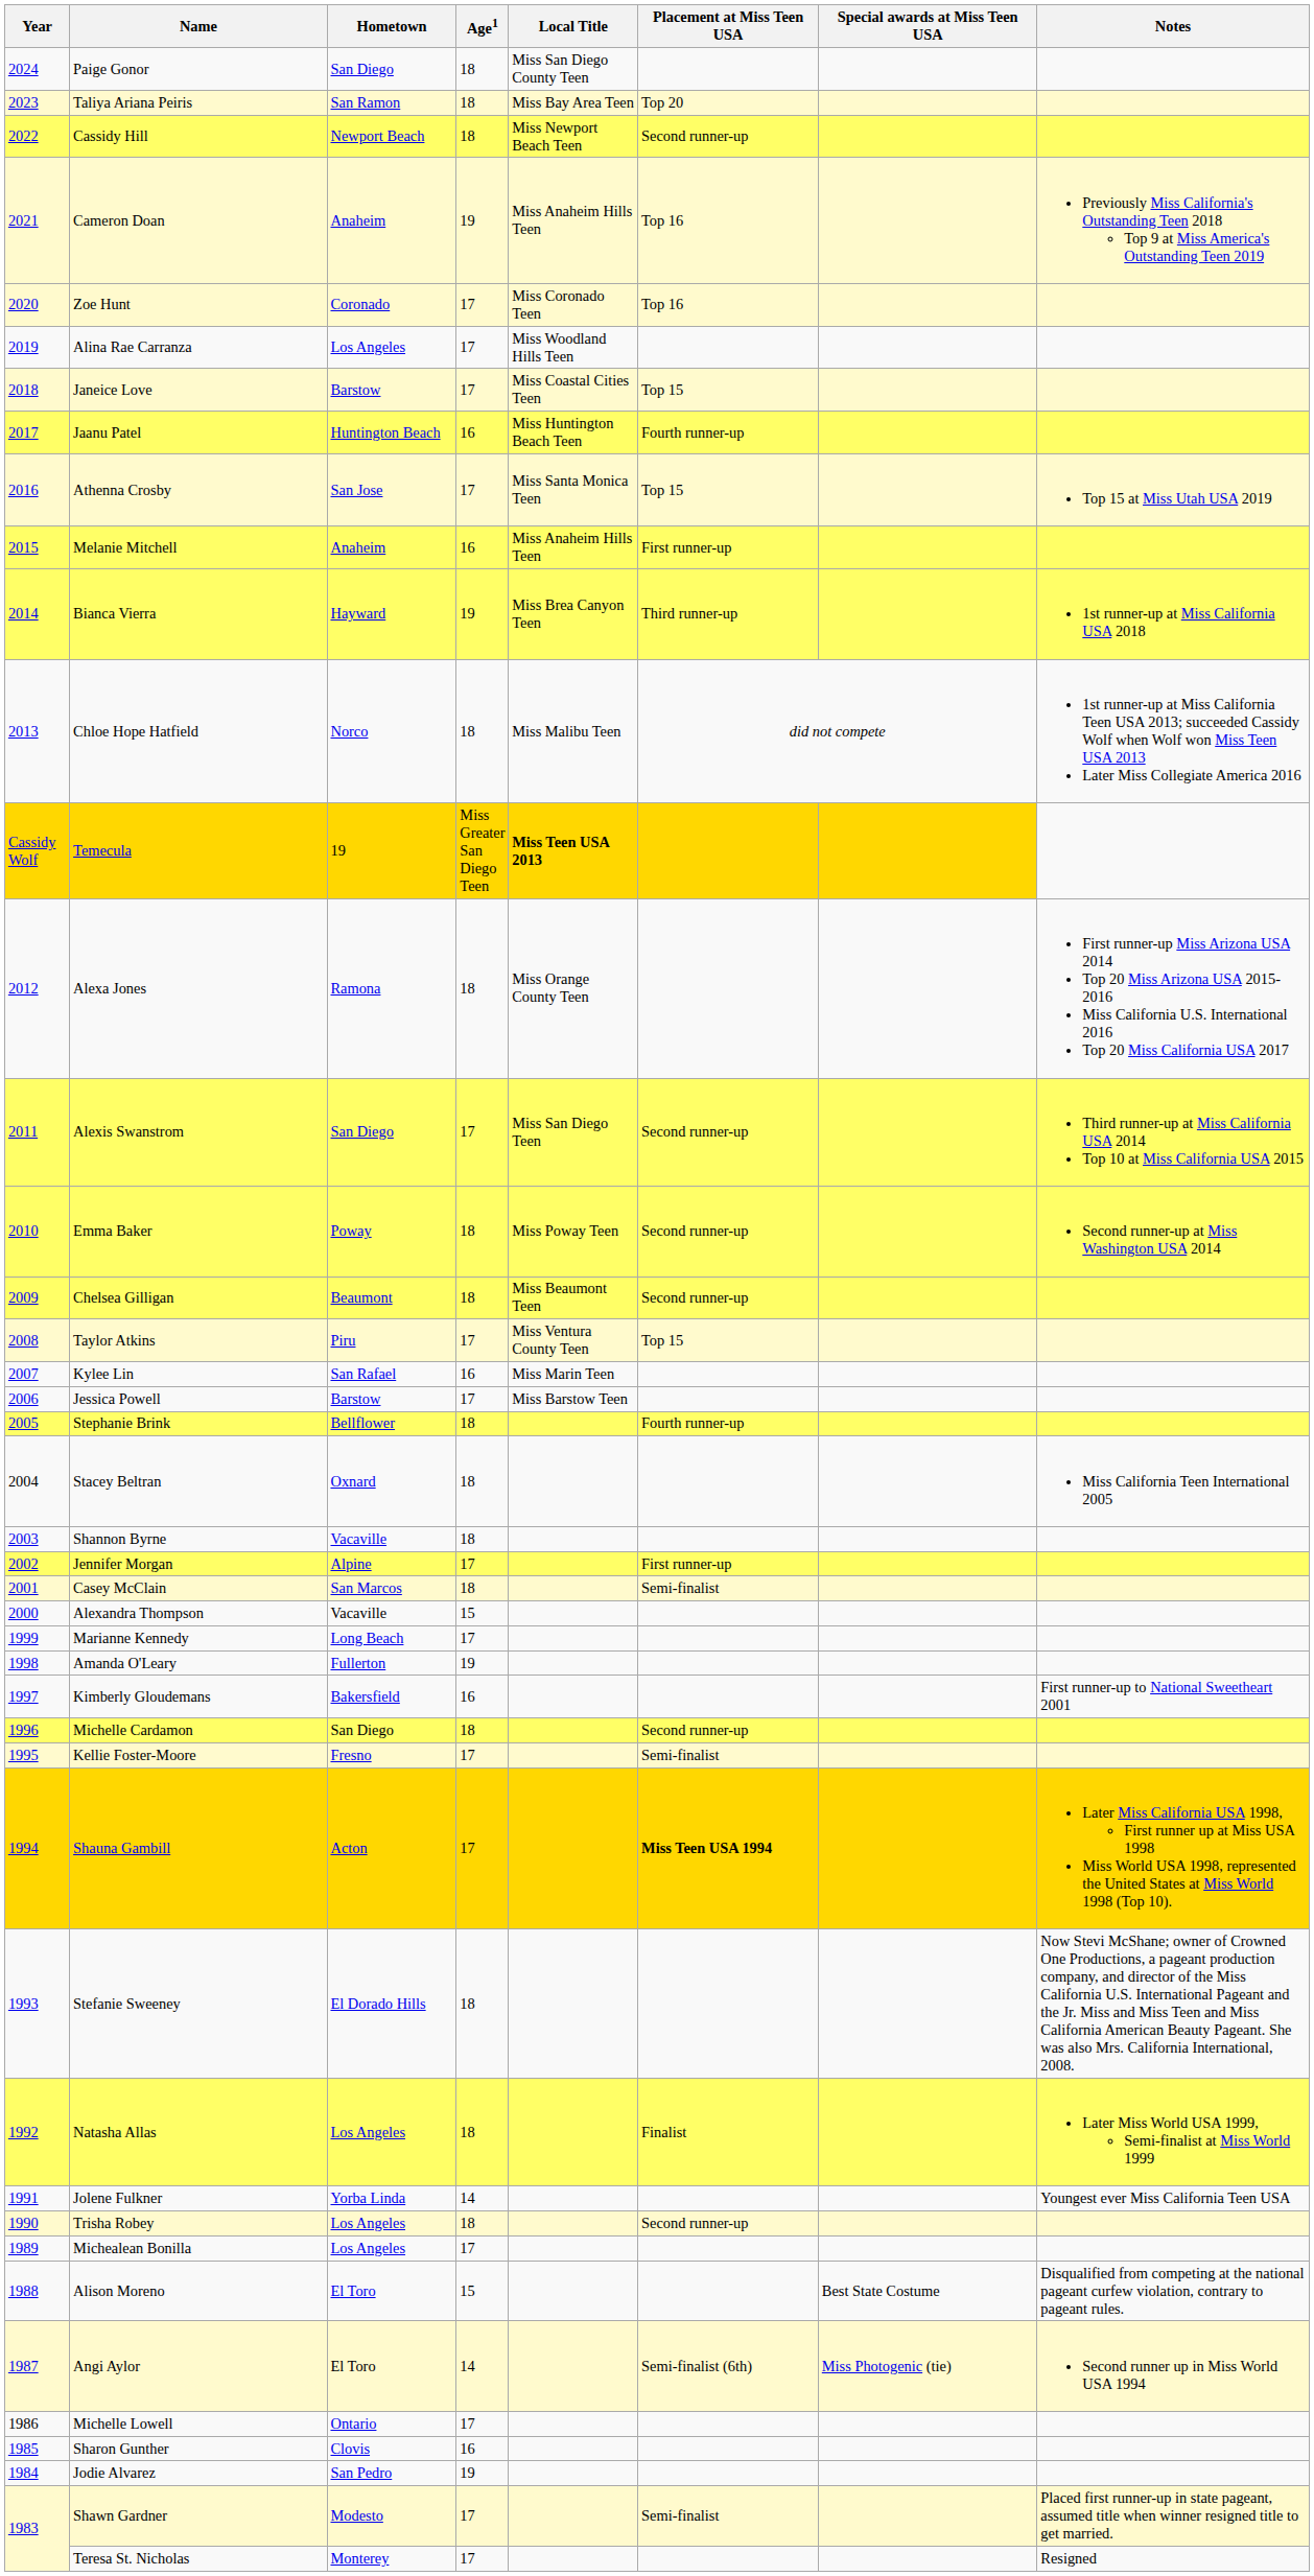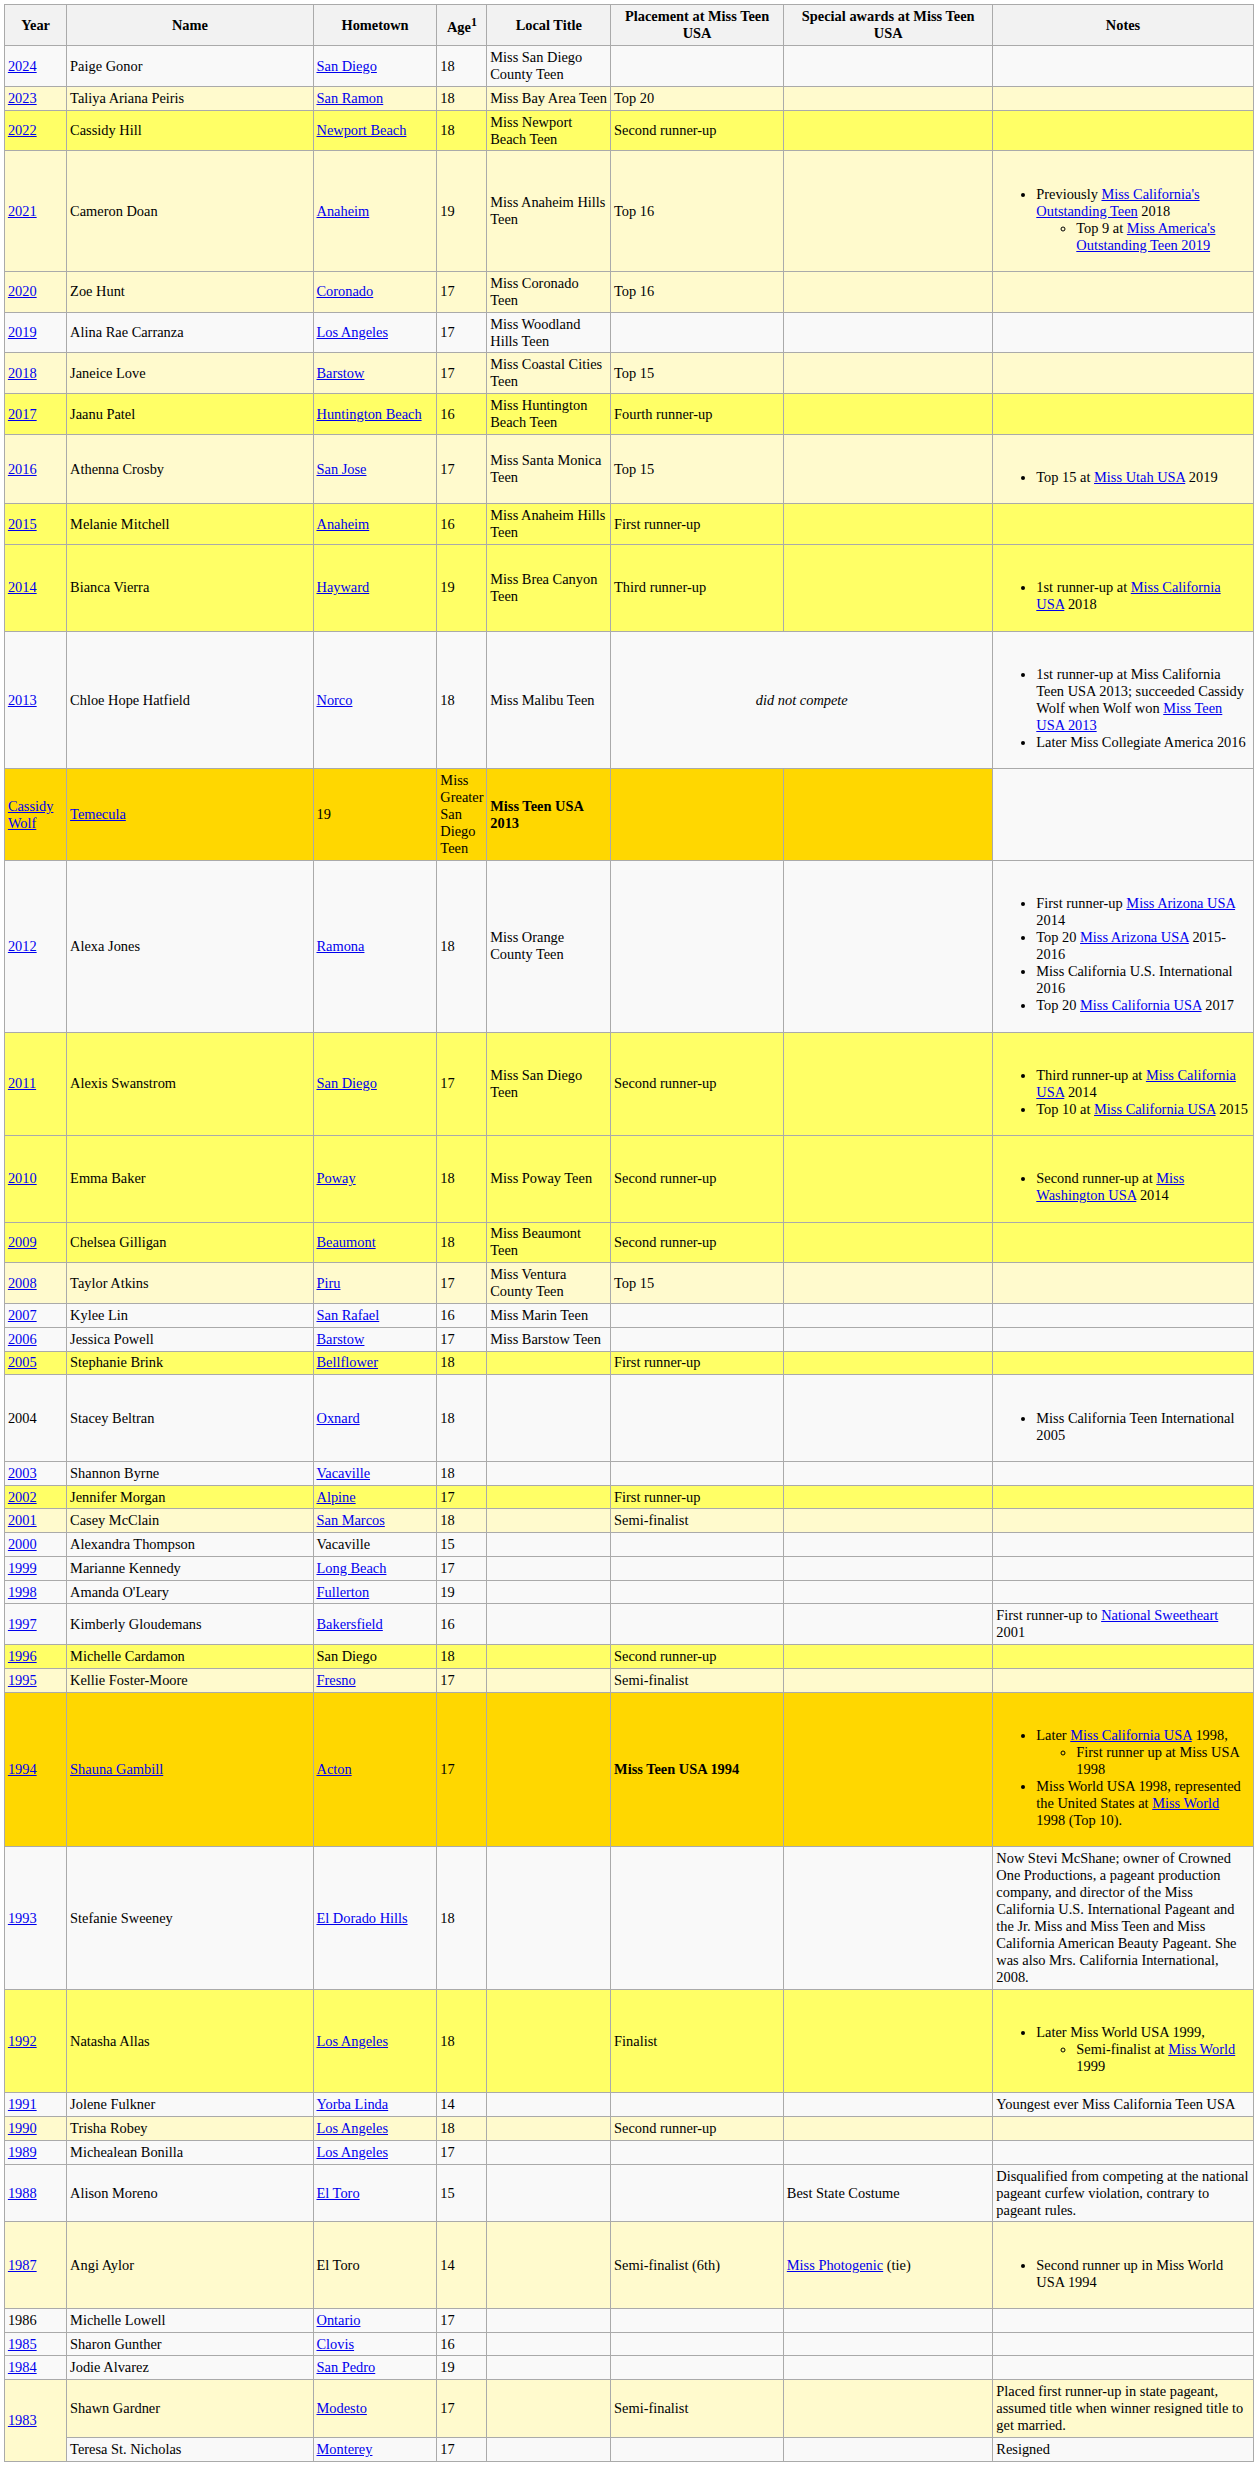 <table class="wikitable"style="font-size:90%;">
 <tr bgcolor="#efefef">
 <th width=5%>Year</th>
 <th width=20%>Name</th>
 <th width=10%>Hometown</th>
 <th width=3%>Age<sup>1</sup></th>
 <th width=10%>Local Title</th>
 <th width=14%>Placement at Miss Teen USA</th>
 <th width=17%>Special awards at Miss Teen USA</th>
 <th width=31%>Notes</th>
 </tr>
 <tr>
 <td><a href='#'>2024</a></td>
 <td>Paige Gonor</td>
 <td><a href='#'>San Diego</a></td>
 <td>18</td>
 <td>Miss San Diego County Teen</td>
 <td></td>
 <td></td>
 <td></td>
 </tr>
 <tr>
 </tr>
 <tr style="background-color:#FFFACD">
 <td><a href='#'>2023</a></td>
 <td>Taliya Ariana Peiris</td>
 <td><a href='#'>San Ramon</a></td>
 <td>18</td>
 <td>Miss Bay Area Teen</td>
 <td>Top 20</td>
 <td></td>
 <td></td>
 </tr>
 <tr>
 </tr>
 <tr style="background-color:#FFFF66;”">
 <td><a href='#'>2022</a></td>
 <td>Cassidy Hill</td>
 <td><a href='#'>Newport Beach</a></td>
 <td>18</td>
 <td>Miss Newport Beach Teen</td>
 <td>Second runner-up</td>
 <td></td>
 <td></td>
 </tr>
 <tr style="background-color:#FFFACD">
 <td><a href='#'>2021</a></td>
 <td>Cameron Doan</td>
 <td><a href='#'>Anaheim</a></td>
 <td>19</td>
 <td>Miss Anaheim Hills Teen</td>
 <td>Top 16</td>
 <td></td>
 <td><br><ul><li>Previously <a href='#'>Miss California's Outstanding Teen</a> 2018<ul><li>Top 9 at <a href='#'>Miss America's Outstanding Teen 2019</a></li></ul></li></ul></td>
 </tr>
 <tr>
 </tr>
 <tr style="background-color:#FFFACD;”">
 <td><a href='#'>2020</a></td>
 <td>Zoe Hunt</td>
 <td><a href='#'>Coronado</a></td>
 <td>17</td>
 <td>Miss Coronado Teen</td>
 <td>Top 16</td>
 <td></td>
 <td></td>
 </tr>
 <tr>
 <td><a href='#'>2019</a></td>
 <td>Alina Rae Carranza</td>
 <td><a href='#'>Los Angeles</a></td>
 <td>17</td>
 <td>Miss Woodland Hills Teen</td>
 <td></td>
 <td></td>
 <td></td>
 </tr>
 <tr>
 </tr>
 <tr style="background-color:#FFFACD;”">
 <td><a href='#'>2018</a></td>
 <td>Janeice Love</td>
 <td><a href='#'>Barstow</a></td>
 <td>17</td>
 <td>Miss  Coastal Cities Teen</td>
 <td>Top 15</td>
 <td></td>
 <td></td>
 </tr>
 <tr>
 </tr>
 <tr style="background-color:#FFFF66;”">
 <td><a href='#'>2017</a></td>
 <td>Jaanu Patel</td>
 <td><a href='#'>Huntington Beach</a></td>
 <td>16</td>
 <td>Miss Huntington Beach Teen</td>
 <td>Fourth runner-up</td>
 <td></td>
 <td></td>
 </tr>
 <tr style="background-color:#FFFACD;”">
 <td><a href='#'>2016</a></td>
 <td>Athenna Crosby</td>
 <td><a href='#'>San Jose</a></td>
 <td>17</td>
 <td>Miss Santa Monica Teen</td>
 <td>Top 15</td>
 <td></td>
 <td><br><ul><li>Top 15 at <a href='#'>Miss Utah USA</a> 2019</li></ul></td>
 </tr>
 <tr>
 </tr>
 <tr style="background-color:#FFFF66;">
 <td><a href='#'>2015</a></td>
 <td>Melanie Mitchell</td>
 <td><a href='#'>Anaheim</a></td>
 <td>16</td>
 <td>Miss Anaheim Hills Teen</td>
 <td>First runner-up</td>
 <td></td>
 <td></td>
 </tr>
 <tr>
 </tr>
 <tr style="background-color:#FFFF66;">
 <td><a href='#'>2014</a></td>
 <td>Bianca Vierra</td>
 <td><a href='#'>Hayward</a></td>
 <td>19</td>
 <td>Miss Brea Canyon Teen</td>
 <td>Third runner-up</td>
 <td></td>
 <td><br><ul><li>1st runner-up at <a href='#'>Miss California USA</a> 2018</li></ul></td>
 </tr>
 <tr>
 <td rowspan=2><a href='#'>2013</a></td>
 <td>Chloe Hope Hatfield</td>
 <td><a href='#'>Norco</a></td>
 <td>18</td>
 <td>Miss Malibu Teen</td>
 <td colspan="2" align="center"><em>did not compete</em></td>
 <td><br><ul><li>1st runner-up at Miss California Teen USA 2013; succeeded Cassidy Wolf when Wolf won <a href='#'>Miss Teen USA 2013</a></li><li>Later Miss Collegiate America 2016</li></ul></td>
 </tr>
 <tr>
 </tr>
 <tr style="background-color:GOLD;">
 <td><a href='#'>Cassidy Wolf</a></td>
 <td><a href='#'>Temecula</a></td>
 <td>19</td>
 <td>Miss Greater San Diego Teen</td>
 <td><strong>Miss Teen USA 2013</strong></td>
 <td></td>
 <td></td>
 </tr>
 <tr>
 <td><a href='#'>2012</a></td>
 <td>Alexa Jones</td>
 <td><a href='#'>Ramona</a></td>
 <td>18</td>
 <td>Miss Orange County Teen</td>
 <td></td>
 <td></td>
 <td><br><ul><li>First runner-up <a href='#'>Miss Arizona USA</a> 2014</li><li>Top 20 <a href='#'>Miss Arizona USA</a> 2015-2016</li><li>Miss California U.S. International 2016</li><li>Top 20 <a href='#'>Miss California USA</a> 2017</li></ul></td>
 </tr>
 <tr>
 </tr>
 <tr style="background-color:#FFFF66;">
 <td><a href='#'>2011</a></td>
 <td>Alexis Swanstrom</td>
 <td><a href='#'>San Diego</a></td>
 <td>17</td>
 <td>Miss San Diego Teen</td>
 <td>Second runner-up</td>
 <td></td>
 <td><br><ul><li>Third runner-up at <a href='#'>Miss California USA</a> 2014</li><li>Top 10 at <a href='#'>Miss California USA</a> 2015</li></ul></td>
 </tr>
 <tr>
 </tr>
 <tr style="background-color:#FFFF66;">
 <td><a href='#'>2010</a></td>
 <td>Emma Baker</td>
 <td><a href='#'>Poway</a></td>
 <td>18</td>
 <td>Miss Poway Teen</td>
 <td>Second runner-up</td>
 <td></td>
 <td><br><ul><li>Second runner-up at <a href='#'>Miss Washington USA</a> 2014</li></ul></td>
 </tr>
 <tr>
 </tr>
 <tr style="background-color:#FFFF66;">
 <td><a href='#'>2009</a></td>
 <td>Chelsea Gilligan</td>
 <td><a href='#'>Beaumont</a></td>
 <td>18</td>
 <td>Miss Beaumont Teen</td>
 <td>Second runner-up</td>
 <td></td>
 <td></td>
 </tr>
 <tr>
 </tr>
 <tr style="background-color:#FFFACD;">
 <td><a href='#'>2008</a></td>
 <td>Taylor Atkins</td>
 <td><a href='#'>Piru</a></td>
 <td>17</td>
 <td>Miss Ventura County Teen</td>
 <td>Top 15</td>
 <td></td>
 <td></td>
 </tr>
 <tr>
 <td><a href='#'>2007</a></td>
 <td>Kylee Lin</td>
 <td><a href='#'>San Rafael</a></td>
 <td>16</td>
 <td>Miss Marin Teen</td>
 <td></td>
 <td></td>
 <td></td>
 </tr>
 <tr>
 <td><a href='#'>2006</a></td>
 <td>Jessica Powell</td>
 <td><a href='#'>Barstow</a></td>
 <td>17</td>
 <td>Miss Barstow Teen</td>
 <td></td>
 <td></td>
 <td></td>
 </tr>
 <tr>
 </tr>
 <tr style="background-color:#FFFF66;">
 <td><a href='#'>2005</a></td>
 <td>Stephanie Brink</td>
 <td><a href='#'>Bellflower</a></td>
 <td>18</td>
 <td></td>
-<td>Fourth runner-up</td>
+<td>First runner-up</td>
 <td></td>
 <td></td>
 </tr>
 <tr>
 <td>2004</td>
 <td>Stacey Beltran</td>
 <td><a href='#'>Oxnard</a></td>
 <td>18</td>
 <td></td>
 <td></td>
 <td></td>
 <td><br><ul><li>Miss California Teen International 2005</li></ul></td>
 </tr>
 <tr>
 <td><a href='#'>2003</a></td>
 <td>Shannon Byrne</td>
 <td><a href='#'>Vacaville</a></td>
 <td>18</td>
 <td></td>
 <td></td>
 <td></td>
 <td></td>
 </tr>
 <tr>
 </tr>
 <tr style="background-color:#FFFF66;">
 <td><a href='#'>2002</a></td>
 <td>Jennifer Morgan</td>
 <td><a href='#'>Alpine</a></td>
 <td>17</td>
 <td></td>
 <td>First runner-up</td>
 <td></td>
 <td></td>
 </tr>
 <tr>
 </tr>
 <tr style="background-color:#FFFACD;">
 <td><a href='#'>2001</a></td>
 <td>Casey McClain</td>
 <td><a href='#'>San Marcos</a></td>
 <td>18</td>
 <td></td>
 <td>Semi-finalist</td>
 <td></td>
 <td></td>
 </tr>
 <tr>
 <td><a href='#'>2000</a></td>
 <td>Alexandra Thompson</td>
 <td>Vacaville</td>
 <td>15</td>
 <td></td>
 <td></td>
 <td></td>
 <td></td>
 </tr>
 <tr>
 <td><a href='#'>1999</a></td>
 <td>Marianne Kennedy</td>
 <td><a href='#'>Long Beach</a></td>
 <td>17</td>
 <td></td>
 <td></td>
 <td></td>
 <td></td>
 </tr>
 <tr>
 <td><a href='#'>1998</a></td>
 <td>Amanda O'Leary</td>
 <td><a href='#'>Fullerton</a></td>
 <td>19</td>
 <td></td>
 <td></td>
 <td></td>
 <td></td>
 </tr>
 <tr>
 <td><a href='#'>1997</a></td>
 <td>Kimberly Gloudemans</td>
 <td><a href='#'>Bakersfield</a></td>
 <td>16</td>
 <td></td>
 <td></td>
 <td></td>
 <td>First runner-up to <a href='#'>National Sweetheart</a> 2001</td>
 </tr>
 <tr>
 </tr>
 <tr style="background-color:#FFFF66;">
 <td><a href='#'>1996</a></td>
 <td>Michelle Cardamon</td>
 <td>San Diego</td>
 <td>18</td>
 <td></td>
 <td>Second runner-up</td>
 <td></td>
 <td></td>
 </tr>
 <tr>
 </tr>
 <tr style="background-color:#FFFACD;">
 <td><a href='#'>1995</a></td>
 <td>Kellie Foster-Moore</td>
 <td><a href='#'>Fresno</a></td>
 <td>17</td>
 <td></td>
 <td>Semi-finalist</td>
 <td></td>
 <td></td>
 </tr>
 <tr>
 </tr>
 <tr style="background-color:GOLD;">
 <td><a href='#'>1994</a></td>
 <td><a href='#'>Shauna Gambill</a></td>
 <td><a href='#'>Acton</a></td>
 <td>17</td>
 <td></td>
 <td><strong>Miss Teen USA 1994</strong></td>
 <td></td>
 <td><br><ul><li>Later <a href='#'>Miss California USA</a> 1998,<ul><li>First runner up at Miss USA 1998</li></ul></li><li>Miss World USA 1998, represented the United States at <a href='#'>Miss World</a> 1998 (Top 10).</li></ul></td>
 </tr>
 <tr>
 <td><a href='#'>1993</a></td>
 <td>Stefanie Sweeney</td>
 <td><a href='#'>El Dorado Hills</a></td>
 <td>18</td>
 <td></td>
 <td></td>
 <td></td>
 <td>Now Stevi McShane; owner of Crowned One Productions, a pageant production company, and director of the  Miss California U.S. International Pageant and the Jr. Miss and Miss Teen and Miss California American Beauty Pageant.  She was also  Mrs. California International, 2008.</td>
 </tr>
 <tr>
 </tr>
 <tr style="background-color:#FFFF66;">
 <td><a href='#'>1992</a></td>
 <td>Natasha Allas</td>
 <td><a href='#'>Los Angeles</a></td>
 <td>18</td>
 <td></td>
 <td>Finalist</td>
 <td></td>
 <td><br><ul><li>Later Miss World USA 1999,<ul><li>Semi-finalist at <a href='#'>Miss World</a> 1999</li></ul></li></ul></td>
 </tr>
 <tr>
 <td><a href='#'>1991</a></td>
 <td>Jolene Fulkner</td>
 <td><a href='#'>Yorba Linda</a></td>
 <td>14</td>
 <td></td>
 <td></td>
 <td></td>
 <td>Youngest ever Miss California Teen USA</td>
 </tr>
 <tr>
 </tr>
 <tr style="background-color:#FFFACD;">
 <td><a href='#'>1990</a></td>
 <td>Trisha Robey</td>
 <td><a href='#'>Los Angeles</a></td>
 <td>18</td>
 <td></td>
 <td>Second runner-up</td>
 <td></td>
 <td></td>
 </tr>
 <tr>
 <td><a href='#'>1989</a></td>
 <td>Michealean Bonilla</td>
 <td><a href='#'>Los Angeles</a></td>
 <td>17</td>
 <td></td>
 <td></td>
 <td></td>
 <td></td>
 </tr>
 <tr>
 <td><a href='#'>1988</a></td>
 <td>Alison Moreno</td>
 <td><a href='#'>El Toro</a></td>
 <td>15</td>
 <td></td>
 <td></td>
 <td>Best State Costume</td>
 <td>Disqualified from competing at the national pageant curfew violation, contrary to pageant rules.</td>
 </tr>
 <tr>
 </tr>
 <tr style="background-color:#FFFACD;">
 <td><a href='#'>1987</a></td>
 <td>Angi Aylor</td>
 <td>El Toro</td>
 <td>14</td>
 <td></td>
 <td>Semi-finalist (6th)</td>
 <td><a href='#'>Miss Photogenic</a> (tie)</td>
 <td><br><ul><li>Second runner up in Miss World USA 1994</li></ul></td>
 </tr>
 <tr>
 <td>1986</td>
 <td>Michelle Lowell</td>
 <td><a href='#'>Ontario</a></td>
 <td>17</td>
 <td></td>
 <td></td>
 <td></td>
 <td></td>
 </tr>
 <tr>
 <td><a href='#'>1985</a></td>
 <td>Sharon Gunther</td>
 <td><a href='#'>Clovis</a></td>
 <td>16</td>
 <td></td>
 <td></td>
 <td></td>
 <td></td>
 </tr>
 <tr>
 <td><a href='#'>1984</a></td>
 <td>Jodie Alvarez</td>
 <td><a href='#'>San Pedro</a></td>
 <td>19</td>
 <td></td>
 <td></td>
 <td></td>
 <td></td>
 </tr>
 <tr>
 </tr>
 <tr style="background-color:#FFFACD;">
 <td rowspan=2><a href='#'>1983</a></td>
 <td>Shawn Gardner</td>
 <td><a href='#'>Modesto</a></td>
 <td>17</td>
 <td></td>
 <td>Semi-finalist</td>
 <td></td>
 <td>Placed first runner-up in state pageant, assumed title when winner resigned title to get married.</td>
 </tr>
 <tr>
 <td>Teresa St. Nicholas</td>
 <td><a href='#'>Monterey</a></td>
 <td>17</td>
 <td></td>
 <td></td>
 <td></td>
 <td>Resigned</td>
 </tr>
 </table>
